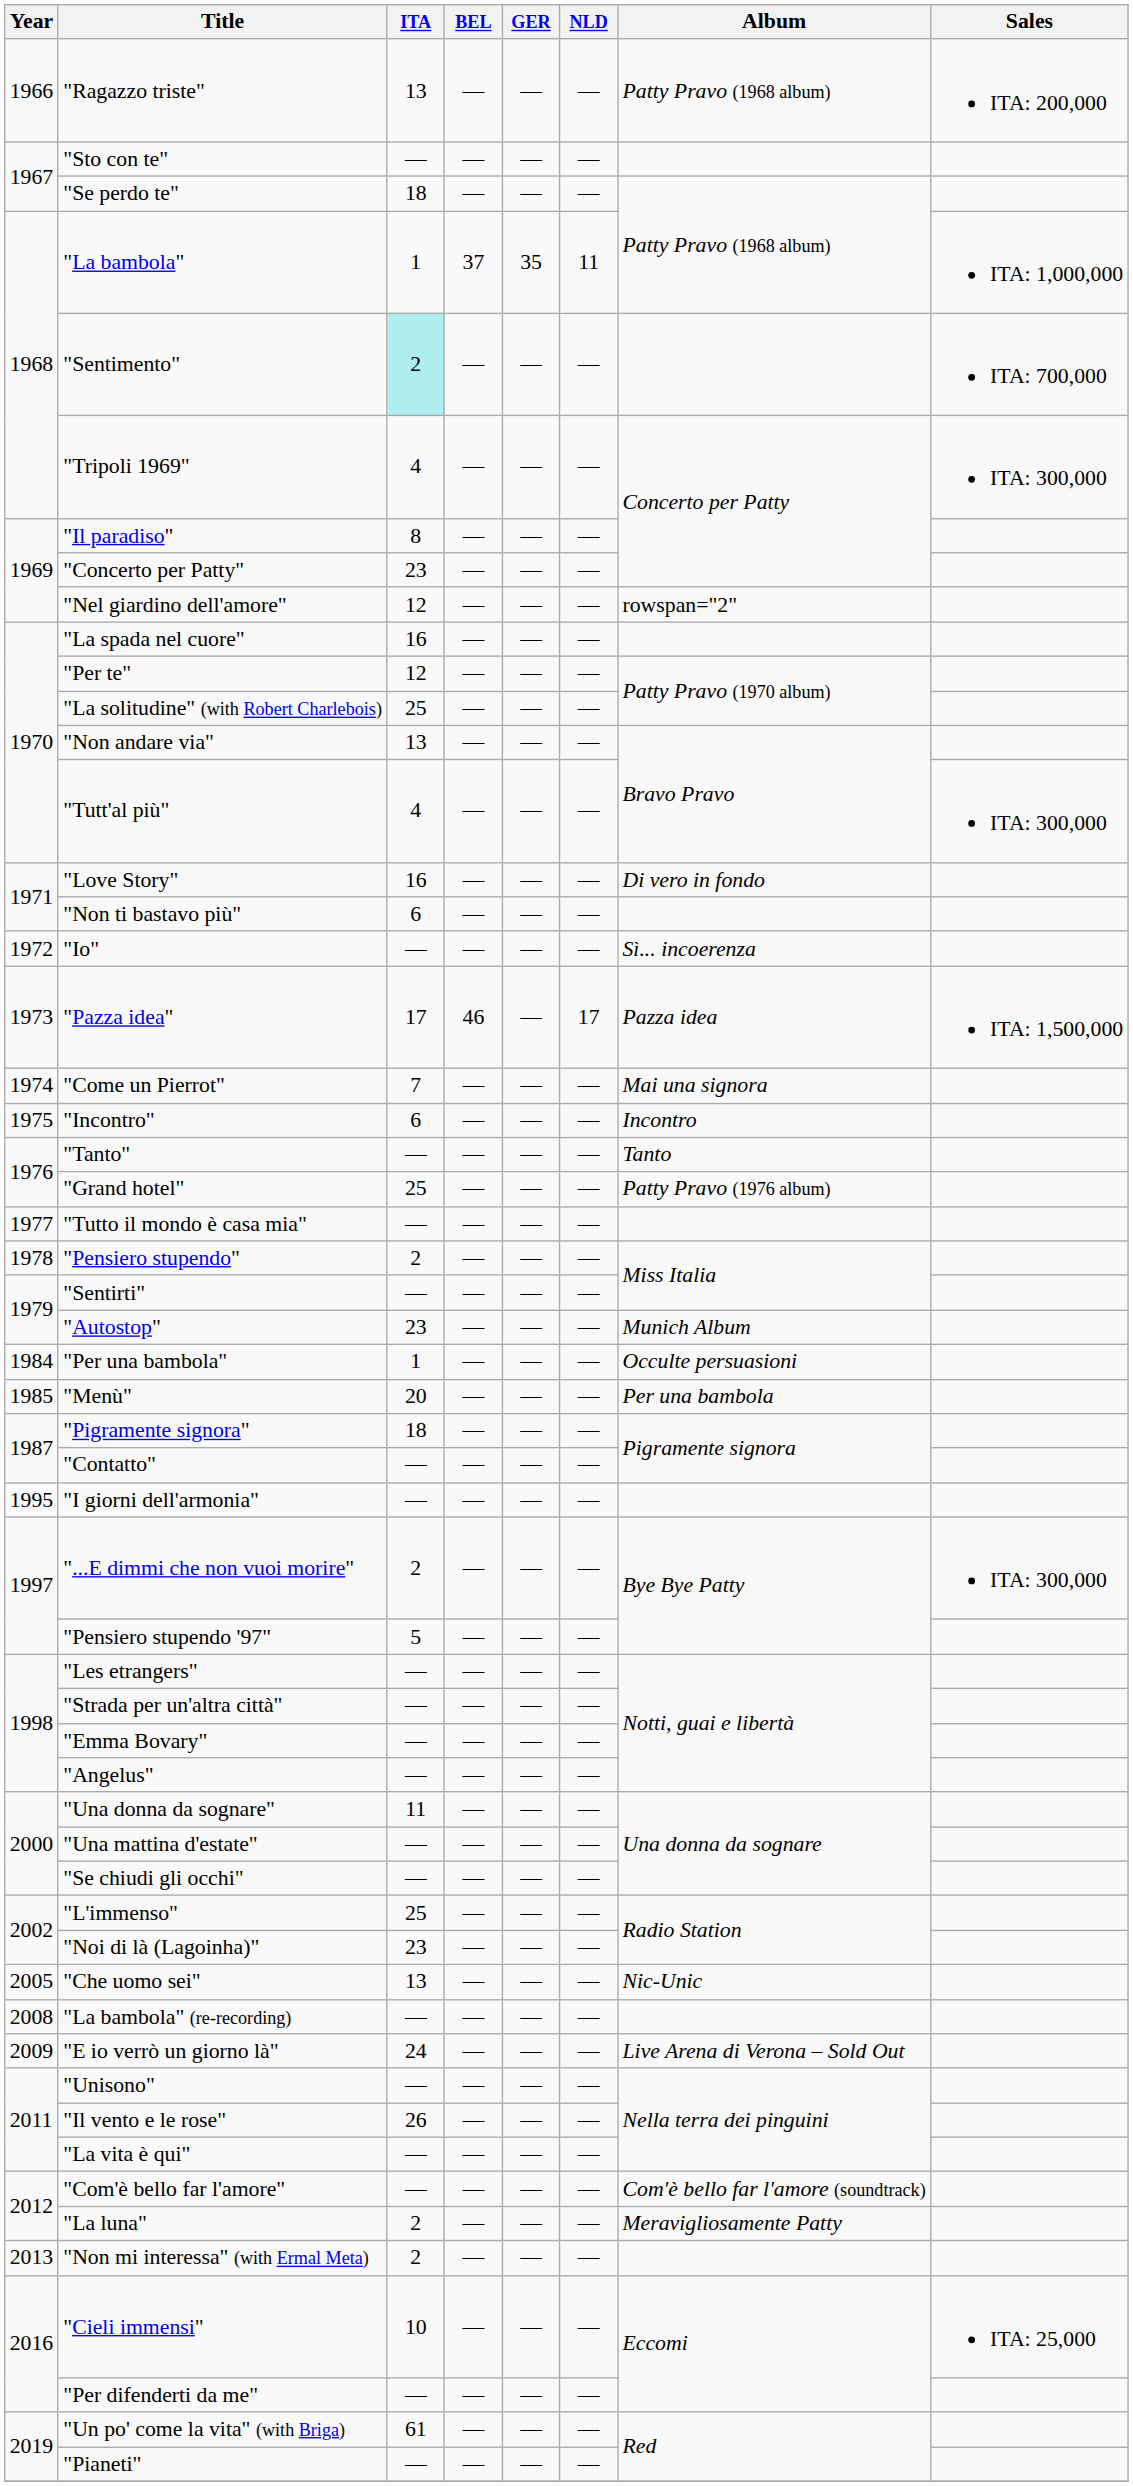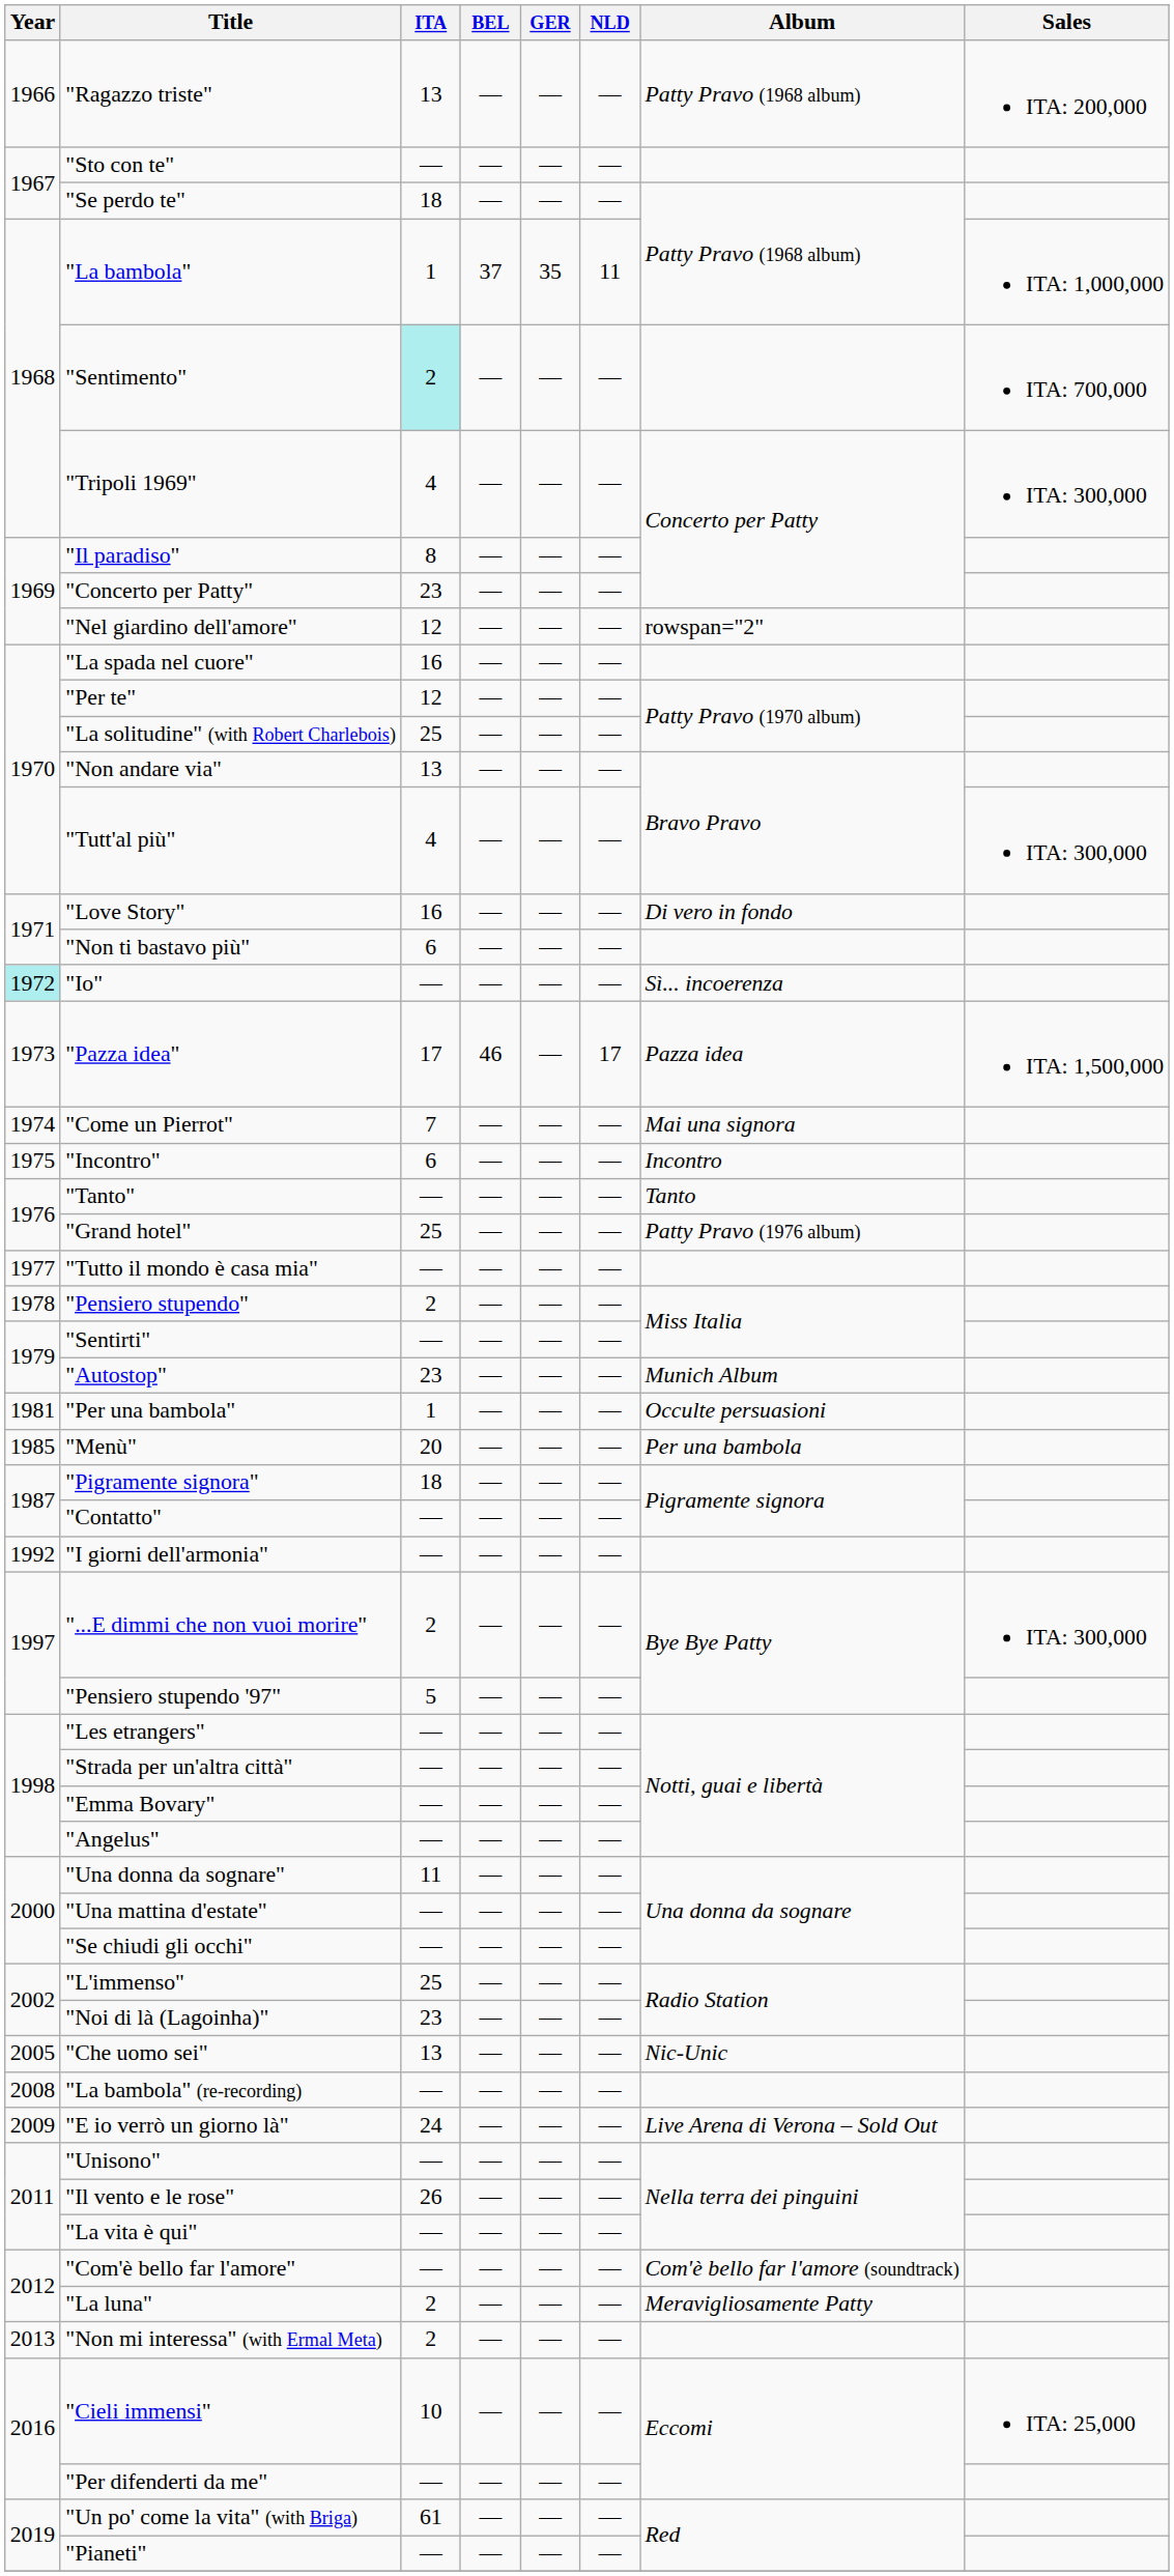 <table class="wikitable">
 <tr>
 <th>Year</th>
 <th>Title</th>
 <th width="35"><small><a href='#'>ITA</a></small><br></th>
 <th width="35"><small><a href='#'>BEL</a></small><br></th>
 <th width="35"><small><a href='#'>GER</a></small><br></th>
 <th width="35"><small><a href='#'>NLD</a></small><br></th>
 <th>Album</th>
 <th>Sales</th>
 </tr>
 <tr>
 <td>1966</td>
 <td>"Ragazzo triste"</td>
 <td align="center">13</td>
 <td align="center">—</td>
 <td align="center">—</td>
 <td align="center">—</td>
 <td><em>Patty Pravo</em> <small>(1968 album)</small></td>
 <td><br><ul><li>ITA: 200,000</li></ul></td>
 </tr>
 <tr>
 <td rowspan="2">1967</td>
 <td>"Sto con te"</td>
 <td align="center">—</td>
 <td align="center">—</td>
 <td align="center">—</td>
 <td align="center">—</td>
 <td></td>
 <td></td>
 </tr>
 <tr>
 <td>"Se perdo te"</td>
 <td align="center">18</td>
 <td align="center">—</td>
 <td align="center">—</td>
 <td align="center">—</td>
 <td rowspan="2"><em>Patty Pravo</em> <small>(1968 album)</small></td>
 <td></td>
 </tr>
 <tr>
 <td rowspan="3">1968</td>
 <td>"<a href='#'>La bambola</a>"</td>
 <td align="center">1</td>
 <td align="center">37</td>
 <td align="center">35</td>
 <td align="center">11</td>
 <td><br><ul><li>ITA: 1,000,000</li></ul></td>
 </tr>
 <tr>
 <td>"Sentimento"</td>
 <td align="center" style="background: paleturquoise;">2</td>
 <td align="center">—</td>
 <td align="center">—</td>
 <td align="center">—</td>
 <td></td>
 <td><br><ul><li>ITA: 700,000</li></ul></td>
 </tr>
 <tr>
 <td>"Tripoli 1969"</td>
 <td align="center">4</td>
 <td align="center">—</td>
 <td align="center">—</td>
 <td align="center">—</td>
 <td rowspan="3"><em>Concerto per Patty</em></td>
 <td><br><ul><li>ITA: 300,000</li></ul></td>
 </tr>
 <tr>
 <td rowspan="3">1969</td>
 <td>"<a href='#'>Il paradiso</a>"</td>
 <td align="center">8</td>
 <td align="center">—</td>
 <td align="center">—</td>
 <td align="center">—</td>
 <td></td>
 </tr>
 <tr>
 <td>"Concerto per Patty"</td>
 <td align="center">23</td>
 <td align="center">—</td>
 <td align="center">—</td>
 <td align="center">—</td>
 <td></td>
 </tr>
 <tr>
 <td>"Nel giardino dell'amore"</td>
 <td align="center">12</td>
 <td align="center">—</td>
 <td align="center">—</td>
 <td align="center">—</td>
 <td>rowspan="2" </td>
 <td></td>
 </tr>
 <tr>
 <td rowspan="5">1970</td>
 <td>"La spada nel cuore"</td>
 <td align="center">16</td>
 <td align="center">—</td>
 <td align="center">—</td>
 <td align="center">—</td>
 <td></td>
 </tr>
 <tr>
 <td>"Per te"</td>
 <td align="center">12</td>
 <td align="center">—</td>
 <td align="center">—</td>
 <td align="center">—</td>
 <td rowspan="2"><em>Patty Pravo</em> <small>(1970 album)</small></td>
 <td></td>
 </tr>
 <tr>
 <td>"La solitudine" <small>(with <a href='#'>Robert Charlebois</a>)</small></td>
 <td align="center">25</td>
 <td align="center">—</td>
 <td align="center">—</td>
 <td align="center">—</td>
 <td></td>
 </tr>
 <tr>
 <td>"Non andare via"</td>
 <td align="center">13</td>
 <td align="center">—</td>
 <td align="center">—</td>
 <td align="center">—</td>
 <td rowspan="2"><em>Bravo Pravo</em></td>
 <td></td>
 </tr>
 <tr>
 <td>"Tutt'al più"</td>
 <td align="center">4</td>
 <td align="center">—</td>
 <td align="center">—</td>
 <td align="center">—</td>
 <td><br><ul><li>ITA: 300,000</li></ul></td>
 </tr>
 <tr>
 <td rowspan="2">1971</td>
 <td>"Love Story"</td>
 <td align="center">16</td>
 <td align="center">—</td>
 <td align="center">—</td>
 <td align="center">—</td>
 <td><em>Di vero in fondo</em></td>
 <td></td>
 </tr>
 <tr>
 <td>"Non ti bastavo più"</td>
 <td align="center">6</td>
 <td align="center">—</td>
 <td align="center">—</td>
 <td align="center">—</td>
 <td></td>
 <td></td>
 </tr>
 <tr>
-<td>1972</td>
+<td style="background: paleturquoise;">1972</td>
 <td>"Io"</td>
 <td align="center">—</td>
 <td align="center">—</td>
 <td align="center">—</td>
 <td align="center">—</td>
 <td><em>Sì... incoerenza</em></td>
 <td></td>
 </tr>
 <tr>
 <td>1973</td>
 <td>"<a href='#'>Pazza idea</a>"</td>
 <td align="center">17</td>
 <td align="center">46</td>
 <td align="center">—</td>
 <td align="center">17</td>
 <td><em>Pazza idea</em></td>
 <td><br><ul><li>ITA: 1,500,000</li></ul></td>
 </tr>
 <tr>
 <td>1974</td>
 <td>"Come un Pierrot"</td>
 <td align="center">7</td>
 <td align="center">—</td>
 <td align="center">—</td>
 <td align="center">—</td>
 <td><em>Mai una signora</em></td>
 <td></td>
 </tr>
 <tr>
 <td>1975</td>
 <td>"Incontro"</td>
 <td align="center">6</td>
 <td align="center">—</td>
 <td align="center">—</td>
 <td align="center">—</td>
 <td><em>Incontro</em></td>
 <td></td>
 </tr>
 <tr>
 <td rowspan="2">1976</td>
 <td>"Tanto"</td>
 <td align="center">—</td>
 <td align="center">—</td>
 <td align="center">—</td>
 <td align="center">—</td>
 <td><em>Tanto</em></td>
 <td></td>
 </tr>
 <tr>
 <td>"Grand hotel"</td>
 <td align="center">25</td>
 <td align="center">—</td>
 <td align="center">—</td>
 <td align="center">—</td>
 <td><em>Patty Pravo</em> <small>(1976 album)</small></td>
 <td></td>
 </tr>
 <tr>
 <td>1977</td>
 <td>"Tutto il mondo è casa mia"</td>
 <td align="center">—</td>
 <td align="center">—</td>
 <td align="center">—</td>
 <td align="center">—</td>
 <td></td>
 <td></td>
 </tr>
 <tr>
 <td>1978</td>
 <td>"<a href='#'>Pensiero stupendo</a>"</td>
 <td align="center">2</td>
 <td align="center">—</td>
 <td align="center">—</td>
 <td align="center">—</td>
 <td rowspan="2"><em>Miss Italia</em></td>
 <td></td>
 </tr>
 <tr>
 <td rowspan="2">1979</td>
 <td>"Sentirti"</td>
 <td align="center">—</td>
 <td align="center">—</td>
 <td align="center">—</td>
 <td align="center">—</td>
 <td></td>
 </tr>
 <tr>
 <td>"<a href='#'>Autostop</a>"</td>
 <td align="center">23</td>
 <td align="center">—</td>
 <td align="center">—</td>
 <td align="center">—</td>
 <td><em>Munich Album</em></td>
 <td></td>
 </tr>
 <tr>
-<td>1984</td>
+<td>1981</td>
 <td>"Per una bambola"</td>
 <td align="center">1</td>
 <td align="center">—</td>
 <td align="center">—</td>
 <td align="center">—</td>
 <td><em>Occulte persuasioni</em></td>
 <td></td>
 </tr>
 <tr>
 <td>1985</td>
 <td>"Menù"</td>
 <td align="center">20</td>
 <td align="center">—</td>
 <td align="center">—</td>
 <td align="center">—</td>
 <td><em>Per una bambola</em></td>
 <td></td>
 </tr>
 <tr>
 <td rowspan="2">1987</td>
 <td>"<a href='#'>Pigramente signora</a>"</td>
 <td align="center">18</td>
 <td align="center">—</td>
 <td align="center">—</td>
 <td align="center">—</td>
 <td rowspan="2"><em>Pigramente signora</em></td>
 <td></td>
 </tr>
 <tr>
 <td>"Contatto"</td>
 <td align="center">—</td>
 <td align="center">—</td>
 <td align="center">—</td>
 <td align="center">—</td>
 <td></td>
 </tr>
 <tr>
-<td>1995</td>
+<td>1992</td>
 <td>"I giorni dell'armonia"</td>
 <td align="center">—</td>
 <td align="center">—</td>
 <td align="center">—</td>
 <td align="center">—</td>
 <td></td>
 <td></td>
 </tr>
 <tr>
 <td rowspan="2">1997</td>
 <td>"<a href='#'>...E dimmi che non vuoi morire</a>"</td>
 <td align="center">2</td>
 <td align="center">—</td>
 <td align="center">—</td>
 <td align="center">—</td>
 <td rowspan="2"><em>Bye Bye Patty</em></td>
 <td><br><ul><li>ITA: 300,000</li></ul></td>
 </tr>
 <tr>
 <td>"Pensiero stupendo '97"</td>
 <td align="center">5</td>
 <td align="center">—</td>
 <td align="center">—</td>
 <td align="center">—</td>
 <td></td>
 </tr>
 <tr>
 <td rowspan="4">1998</td>
 <td>"Les etrangers"</td>
 <td align="center">—</td>
 <td align="center">—</td>
 <td align="center">—</td>
 <td align="center">—</td>
 <td rowspan="4"><em>Notti, guai e libertà</em></td>
 <td></td>
 </tr>
 <tr>
 <td>"Strada per un'altra città"</td>
 <td align="center">—</td>
 <td align="center">—</td>
 <td align="center">—</td>
 <td align="center">—</td>
 <td></td>
 </tr>
 <tr>
 <td>"Emma Bovary"</td>
 <td align="center">—</td>
 <td align="center">—</td>
 <td align="center">—</td>
 <td align="center">—</td>
 <td></td>
 </tr>
 <tr>
 <td>"Angelus"</td>
 <td align="center">—</td>
 <td align="center">—</td>
 <td align="center">—</td>
 <td align="center">—</td>
 <td></td>
 </tr>
 <tr>
 <td rowspan="3">2000</td>
 <td>"Una donna da sognare"</td>
 <td align="center">11</td>
 <td align="center">—</td>
 <td align="center">—</td>
 <td align="center">—</td>
 <td rowspan="3"><em>Una donna da sognare</em></td>
 <td></td>
 </tr>
 <tr>
 <td>"Una mattina d'estate"</td>
 <td align="center">—</td>
 <td align="center">—</td>
 <td align="center">—</td>
 <td align="center">—</td>
 <td></td>
 </tr>
 <tr>
 <td>"Se chiudi gli occhi"</td>
 <td align="center">—</td>
 <td align="center">—</td>
 <td align="center">—</td>
 <td align="center">—</td>
 <td></td>
 </tr>
 <tr>
 <td rowspan="2">2002</td>
 <td>"L'immenso"</td>
 <td align="center">25</td>
 <td align="center">—</td>
 <td align="center">—</td>
 <td align="center">—</td>
 <td rowspan="2"><em>Radio Station</em></td>
 <td></td>
 </tr>
 <tr>
 <td>"Noi di là (Lagoinha)"</td>
 <td align="center">23</td>
 <td align="center">—</td>
 <td align="center">—</td>
 <td align="center">—</td>
 <td></td>
 </tr>
 <tr>
 <td>2005</td>
 <td>"Che uomo sei"</td>
 <td align="center">13</td>
 <td align="center">—</td>
 <td align="center">—</td>
 <td align="center">—</td>
 <td><em>Nic-Unic</em></td>
 <td></td>
 </tr>
 <tr>
 <td>2008</td>
 <td>"La bambola" <small>(re-recording)</small></td>
 <td align="center">—</td>
 <td align="center">—</td>
 <td align="center">—</td>
 <td align="center">—</td>
 <td></td>
 <td></td>
 </tr>
 <tr>
 <td>2009</td>
 <td>"E io verrò un giorno là"</td>
 <td align="center">24</td>
 <td align="center">—</td>
 <td align="center">—</td>
 <td align="center">—</td>
 <td><em>Live Arena di Verona – Sold Out</em></td>
 <td></td>
 </tr>
 <tr>
 <td rowspan="3">2011</td>
 <td>"Unisono"</td>
 <td align="center">—</td>
 <td align="center">—</td>
 <td align="center">—</td>
 <td align="center">—</td>
 <td rowspan="3"><em>Nella terra dei pinguini</em></td>
 <td></td>
 </tr>
 <tr>
 <td>"Il vento e le rose"</td>
 <td align="center">26</td>
 <td align="center">—</td>
 <td align="center">—</td>
 <td align="center">—</td>
 <td></td>
 </tr>
 <tr>
 <td>"La vita è qui"</td>
 <td align="center">—</td>
 <td align="center">—</td>
 <td align="center">—</td>
 <td align="center">—</td>
 <td></td>
 </tr>
 <tr>
 <td rowspan="2">2012</td>
 <td>"Com'è bello far l'amore"</td>
 <td align="center">—</td>
 <td align="center">—</td>
 <td align="center">—</td>
 <td align="center">—</td>
 <td><em>Com'è bello far l'amore</em> <small>(soundtrack)</small></td>
 <td></td>
 </tr>
 <tr>
 <td>"La luna"</td>
 <td align="center">2</td>
 <td align="center">—</td>
 <td align="center">—</td>
 <td align="center">—</td>
 <td><em>Meravigliosamente Patty</em></td>
 <td></td>
 </tr>
 <tr>
 <td>2013</td>
 <td>"Non mi interessa" <small>(with <a href='#'>Ermal Meta</a>)</small></td>
 <td align="center">2</td>
 <td align="center">—</td>
 <td align="center">—</td>
 <td align="center">—</td>
 <td></td>
 <td></td>
 </tr>
 <tr>
 <td rowspan="2">2016</td>
 <td>"<a href='#'>Cieli immensi</a>"</td>
 <td align="center">10</td>
 <td align="center">—</td>
 <td align="center">—</td>
 <td align="center">—</td>
 <td rowspan="2"><em>Eccomi</em></td>
 <td><br><ul><li>ITA: 25,000</li></ul></td>
 </tr>
 <tr>
 <td>"Per difenderti da me"</td>
 <td align="center">—</td>
 <td align="center">—</td>
 <td align="center">—</td>
 <td align="center">—</td>
 <td></td>
 </tr>
 <tr>
 <td rowspan="2">2019</td>
 <td>"Un po' come la vita" <small>(with <a href='#'>Briga</a>)</small></td>
 <td align="center">61</td>
 <td align="center">—</td>
 <td align="center">—</td>
 <td align="center">—</td>
 <td rowspan="2"><em>Red</em></td>
 <td></td>
 </tr>
 <tr>
 <td>"Pianeti"</td>
 <td align="center">—</td>
 <td align="center">—</td>
 <td align="center">—</td>
 <td align="center">—</td>
 <td></td>
 </tr>
 <tr>
 </tr>
 </table>
